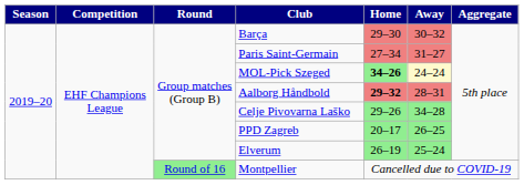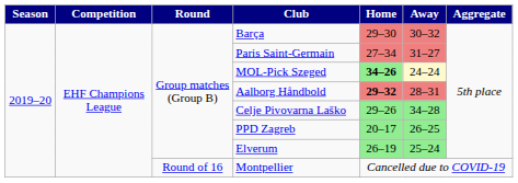 <table class="wikitable" style="text-align: center">
 <tr>
 <th style="color:#FFFFFF; background:#000080"; width=60>Season</th>
 <th style="color:#FFFFFF; background:#000080"; width=120>Competition</th>
 <th style="color:#FFFFFF; background:#000080"; width=100>Round</th>
 <th style="color:#FFFFFF; background:#000080"; width=160>Club</th>
 <th style="color:#FFFFFF; background:#000080"; width=50>Home</th>
 <th style="color:#FFFFFF; background:#000080"; width=50>Away</th>
 <th style="color:#FFFFFF; background:#000080"; width=80>Aggregate</th>
 </tr>
 <tr>
 <td rowspan="8"><a href='#'>2019–20</a></td>
 <td rowspan="8"><a href='#'>EHF Champions League</a></td>
 <td rowspan="7"><a href='#'>Group matches</a> (Group B)</td>
 <td style="text-align:left"> <a href='#'>Barça</a></td>
 <td style="text-align:center; background:lightcoral;">29–30</td>
 <td style="text-align:center; background:lightcoral;">30–32</td>
 <td align=center rowspan=7><em>5th place</em></td>
 </tr>
 <tr>
 <td style="text-align:left"> <a href='#'>Paris Saint-Germain</a></td>
 <td style="text-align:center; background:lightcoral;">27–34</td>
 <td style="text-align:center; background:lightcoral;">31–27</td>
 </tr>
 <tr>
 <td style="text-align:left"> <a href='#'>MOL-Pick Szeged</a></td>
 <td style="text-align:center; background:lightgreen;"><strong>34–26</strong></td>
 <td style="text-align:center; background:lemonchiffon;">24–24</td>
 </tr>
 <tr>
 <td style="text-align:left"> <a href='#'>Aalborg Håndbold</a></td>
 <td style="text-align:center; background:lightcoral;"><strong>29–32</strong></td>
 <td style="text-align:center; background:lightcoral;">28–31</td>
 </tr>
 <tr>
 <td style="text-align:left"> <a href='#'>Celje Pivovarna Laško</a></td>
 <td style="text-align:center; background:lightgreen;">29–26</td>
 <td style="text-align:center; background:lightgreen;">34–28</td>
 </tr>
 <tr>
 <td style="text-align:left"> <a href='#'>PPD Zagreb</a></td>
 <td style="text-align:center; background:lightgreen;">20–17</td>
 <td style="text-align:center; background:lightgreen;">26–25</td>
 </tr>
 <tr>
 <td style="text-align:left"> <a href='#'>Elverum</a></td>
 <td style="text-align:center; background:lightgreen;">26–19</td>
 <td style="text-align:center; background:lightgreen;">25–24</td>
 </tr>
 <tr>
-<td style="background: lightgreen;"><a href='#'>Round of 16</a></td>
+<td><a href='#'>Round of 16</a></td>
 <td style="text-align:left"> <a href='#'>Montpellier</a></td>
 <td style="text-align:center;" colspan="3"><em>Cancelled due to <a href='#'>COVID-19</a></em></td>
 </tr>
 </table>
